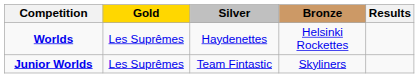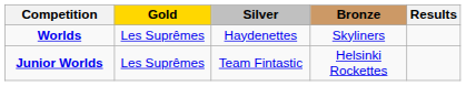 <table class="wikitable" style="text-align:center; width:90%;">
 <tr>
 <th scope="col" style="text-align:center; width:25%;">Competition</th>
 <td scope="col" style="text-align:center; width:22.5%; background:gold"><strong>Gold</strong></td>
 <td scope="col" style="text-align:center; width:22.5%; background:silver"><strong>Silver</strong></td>
 <td scope="col" style="text-align:center; width:22.5%; background:#c96"><strong>Bronze</strong></td>
 <th scope="col" style="text-align:center; width:7.5%;">Results</th>
 </tr>
 <tr>
 <td align="center"><strong><a href='#'>Worlds</a></strong></td>
 <td><a href='#'>Les Suprêmes</a></td>
 <td><a href='#'>Haydenettes</a></td>
-<td><a href='#'>Helsinki Rockettes</a></td>
+<td><a href='#'>Skyliners</a></td>
 <td align="center"></td>
 </tr>
 <tr>
 <td align="center"><a href='#'><strong>Junior Worlds</strong></a></td>
 <td><a href='#'>Les Suprêmes</a></td>
 <td><a href='#'>Team Fintastic</a></td>
-<td><a href='#'>Skyliners</a></td>
+<td><a href='#'>Helsinki Rockettes</a></td>
 <td align="center"></td>
 </tr>
 </table>
